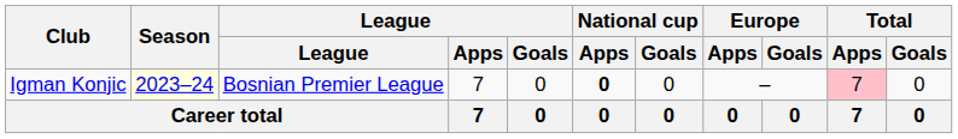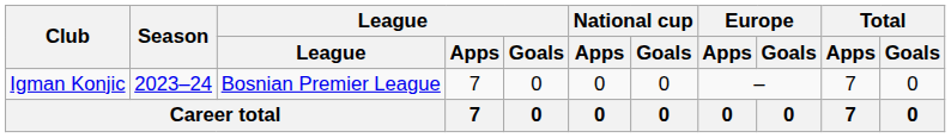 <table class="wikitable" style="text-align:center">
 <tr>
 <th rowspan="2">Club</th>
 <th rowspan="2">Season</th>
 <th colspan="3">League</th>
 <th colspan="2">National cup</th>
 <th colspan="2">Europe</th>
 <th colspan="2">Total</th>
 </tr>
 <tr>
 <th>League</th>
 <th>Apps</th>
 <th>Goals</th>
 <th>Apps</th>
 <th>Goals</th>
 <th>Apps</th>
 <th>Goals</th>
 <th>Apps</th>
 <th>Goals</th>
 </tr>
 <tr>
 <td><a href='#'>Igman Konjic</a></td>
-<td style="background: lightyellow;"><a href='#'>2023–24</a></td>
+<td><a href='#'>2023–24</a></td>
 <td><a href='#'>Bosnian Premier League</a></td>
 <td>7</td>
 <td>0</td>
-<td><strong>0</strong></td>
+<td>0</td>
 <td>0</td>
 <td colspan="2">–</td>
-<td style="background: pink;">7</td>
+<td>7</td>
 <td>0</td>
 </tr>
 <tr>
 <th colspan="3">Career total</th>
 <th>7</th>
 <th>0</th>
 <th>0</th>
 <th>0</th>
 <th>0</th>
 <th>0</th>
 <th>7</th>
 <th>0</th>
 </tr>
 </table>
